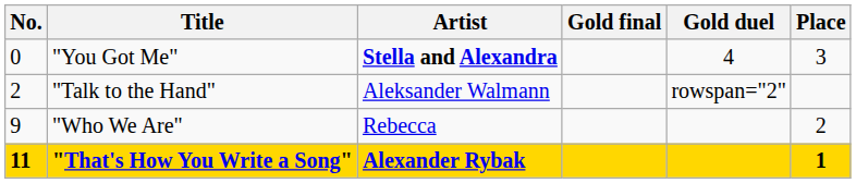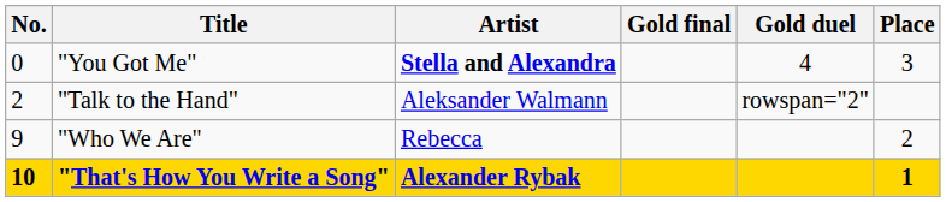 <table class="wikitable sortable">
 <tr>
 <th>No.</th>
 <th>Title</th>
 <th>Artist</th>
 <th>Gold final</th>
 <th>Gold duel</th>
 <th>Place</th>
 </tr>
 <tr>
 <td>0</td>
 <td>"You Got Me"</td>
 <td><strong><a href='#'>Stella</a> and <a href='#'>Alexandra</a></strong></td>
 <td style="text-align: center;"></td>
 <td style="text-align: center;">4</td>
 <td style="text-align: center;">3</td>
 </tr>
 <tr>
 <td>2</td>
 <td>"Talk to the Hand"</td>
 <td><a href='#'>Aleksander Walmann</a></td>
 <td style="text-align: center;"></td>
 <td>rowspan="2" </td>
 </tr>
 <tr>
 <td>9</td>
 <td>"Who We Are"</td>
 <td><a href='#'>Rebecca</a></td>
 <td style="text-align: center;"></td>
 <td style="text-align: center;"></td>
 <td style="text-align: center;">2</td>
 </tr>
 <tr style="font-weight:bold;background:gold;">
-<td>11</td>
+<td>10</td>
 <td>"<a href='#'>That's How You Write a Song</a>"</td>
 <td><a href='#'>Alexander Rybak</a></td>
 <td style="text-align: center;"></td>
 <td style="text-align: center;"></td>
 <td style="text-align: center;">1</td>
 </tr>
 </table>
